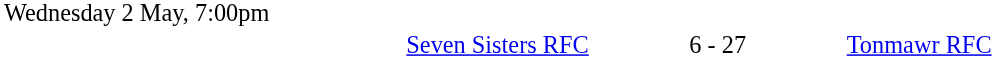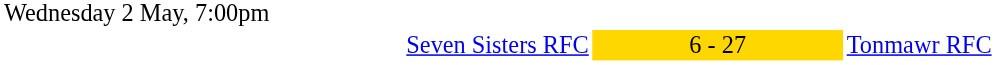 <table style="width:70%;" cellspacing="1">
 <tr>
 <th width=35%></th>
 <th width=15%></th>
 <th></th>
 </tr>
 <tr>
 <td>Wednesday 2 May, 7:00pm</td>
 </tr>
 <tr>
 <td align=right><a href='#'>Seven Sisters RFC</a></td>
-<td align=center>6 - 27</td>
+<td align=center style="background: gold;">6 - 27</td>
 <td><a href='#'>Tonmawr RFC</a></td>
 </tr>
 </table>
